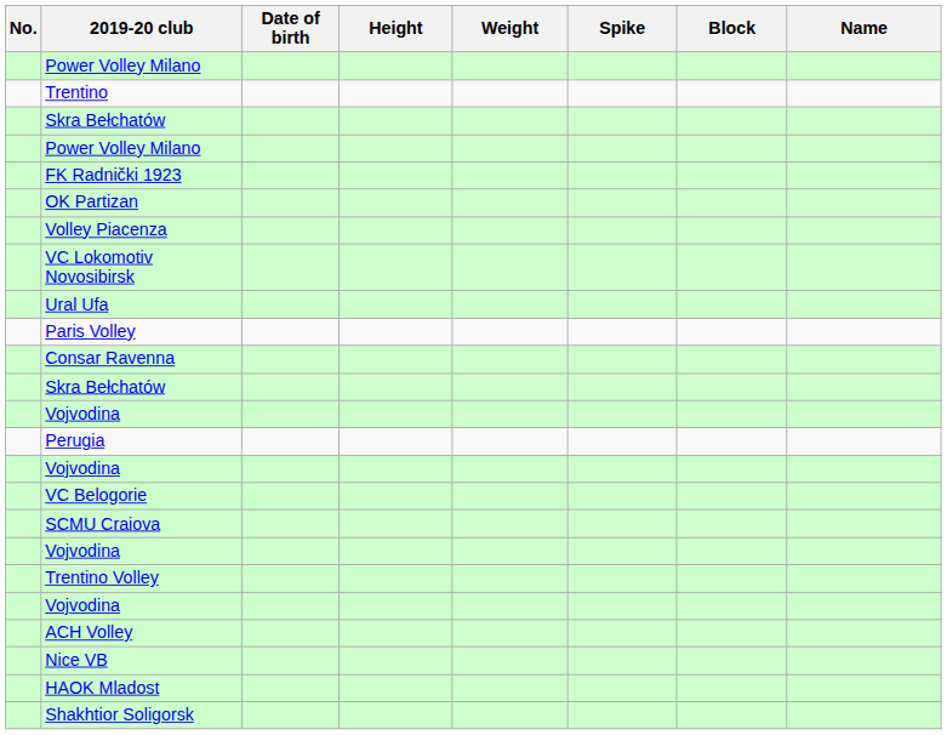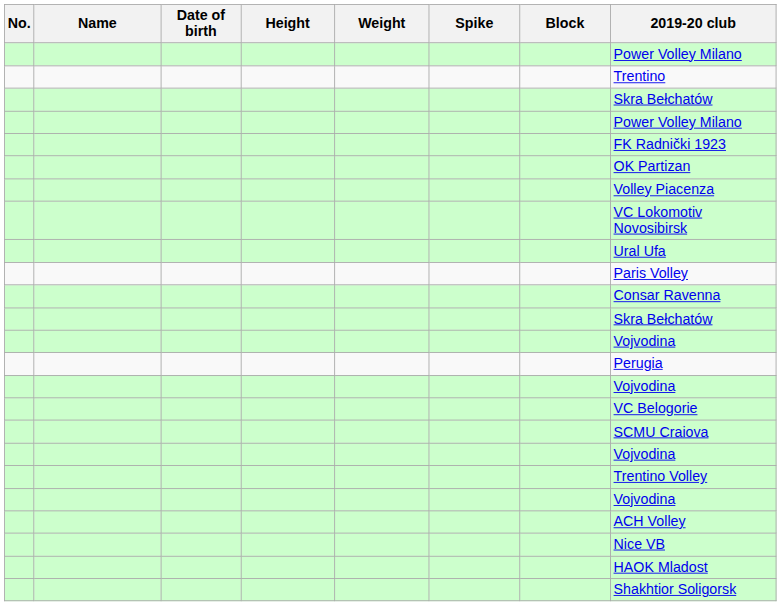 <table class="wikitable sortable" style="font-size:100%; text-align:center;">
 <tr>
 <th>No.</th>
-<th style="width:17em">2019-20 club</th>
+<th style="width:14em">Name</th>
 <th style="width:8em">Date of birth</th>
 <th style="width:9em">Height</th>
 <th style="width:9em">Weight</th>
 <th style="width:9em">Spike</th>
 <th style="width:9em">Block</th>
-<th style="width:14em">Name</th>
+<th style="width:17em">2019-20 club</th>
 </tr>
 <tr bgcolor=#ccffcc>
 <td></td>
-<td align=left> <a href='#'>Power Volley Milano</a></td>
+<td align=left></td>
 <td align=right></td>
 <td></td>
 <td></td>
 <td></td>
 <td></td>
-<td align=left></td>
+<td align=left> <a href='#'>Power Volley Milano</a></td>
 </tr>
 <tr>
 <td></td>
-<td align=left> <a href='#'>Trentino</a></td>
+<td align=left></td>
 <td align=right></td>
 <td></td>
 <td></td>
 <td></td>
 <td></td>
-<td align=left></td>
+<td align=left> <a href='#'>Trentino</a></td>
 </tr>
 <tr bgcolor=#ccffcc>
 <td></td>
-<td align=left> <a href='#'>Skra Bełchatów</a></td>
+<td align=left></td>
 <td align=right></td>
 <td></td>
 <td></td>
 <td></td>
 <td></td>
-<td align=left></td>
+<td align=left> <a href='#'>Skra Bełchatów</a></td>
 </tr>
 <tr bgcolor=#ccffcc>
 <td></td>
-<td align=left> <a href='#'>Power Volley Milano</a></td>
+<td align=left></td>
 <td align=right></td>
 <td></td>
 <td></td>
 <td></td>
 <td></td>
-<td align=left></td>
+<td align=left> <a href='#'>Power Volley Milano</a></td>
 </tr>
 <tr bgcolor=#ccffcc>
 <td></td>
-<td align=left> <a href='#'>FK Radnički 1923</a></td>
+<td align=left></td>
 <td align=right></td>
 <td></td>
 <td></td>
 <td></td>
 <td></td>
-<td align=left></td>
+<td align=left> <a href='#'>FK Radnički 1923</a></td>
 </tr>
 <tr bgcolor=#ccffcc>
 <td></td>
-<td align=left> <a href='#'>OK Partizan</a></td>
+<td align=left></td>
 <td align=right></td>
 <td></td>
 <td></td>
 <td></td>
 <td></td>
-<td align=left></td>
+<td align=left> <a href='#'>OK Partizan</a></td>
 </tr>
 <tr bgcolor=#ccffcc>
 <td></td>
-<td align=left> <a href='#'>Volley Piacenza</a></td>
+<td align=left></td>
 <td align=right></td>
 <td></td>
 <td></td>
 <td></td>
 <td></td>
-<td align=left></td>
+<td align=left> <a href='#'>Volley Piacenza</a></td>
 </tr>
 <tr bgcolor=#ccffcc>
 <td></td>
-<td align=left> <a href='#'>VC Lokomotiv Novosibirsk</a></td>
+<td align=left></td>
 <td align=right></td>
 <td></td>
 <td></td>
 <td></td>
 <td></td>
-<td align=left></td>
+<td align=left> <a href='#'>VC Lokomotiv Novosibirsk</a></td>
 </tr>
 <tr bgcolor=#ccffcc>
 <td></td>
-<td align=left> <a href='#'>Ural Ufa</a></td>
+<td align=left></td>
 <td align=right></td>
 <td></td>
 <td></td>
 <td></td>
 <td></td>
-<td align=left></td>
+<td align=left> <a href='#'>Ural Ufa</a></td>
 </tr>
 <tr>
 <td></td>
-<td align=left> <a href='#'>Paris Volley</a></td>
+<td align=left></td>
 <td align=right></td>
 <td></td>
 <td></td>
 <td></td>
 <td></td>
-<td align=left></td>
+<td align=left> <a href='#'>Paris Volley</a></td>
 </tr>
 <tr bgcolor=#ccffcc>
 <td></td>
-<td align=left> <a href='#'>Consar Ravenna</a></td>
+<td align=left></td>
 <td align=right></td>
 <td></td>
 <td></td>
 <td></td>
 <td></td>
-<td align=left></td>
+<td align=left> <a href='#'>Consar Ravenna</a></td>
 </tr>
 <tr bgcolor=#ccffcc>
 <td></td>
-<td align=left> <a href='#'>Skra Bełchatów</a></td>
+<td align=left></td>
 <td align=right></td>
 <td></td>
 <td></td>
 <td></td>
 <td></td>
-<td align=left></td>
+<td align=left> <a href='#'>Skra Bełchatów</a></td>
 </tr>
 <tr bgcolor=#ccffcc>
 <td></td>
-<td align=left> <a href='#'>Vojvodina</a></td>
+<td align=left></td>
 <td align=right></td>
 <td></td>
 <td></td>
 <td></td>
 <td></td>
-<td align=left></td>
+<td align=left> <a href='#'>Vojvodina</a></td>
 </tr>
 <tr>
 <td></td>
-<td align=left> <a href='#'>Perugia</a></td>
+<td align=left></td>
 <td align=right></td>
 <td></td>
 <td></td>
 <td></td>
 <td></td>
-<td align=left></td>
+<td align=left> <a href='#'>Perugia</a></td>
 </tr>
 <tr bgcolor=#ccffcc>
 <td></td>
-<td align=left> <a href='#'>Vojvodina</a></td>
+<td align=left></td>
 <td align=right></td>
 <td></td>
 <td></td>
 <td></td>
 <td></td>
-<td align=left></td>
+<td align=left> <a href='#'>Vojvodina</a></td>
 </tr>
 <tr bgcolor=#ccffcc>
 <td></td>
-<td align=left> <a href='#'>VC Belogorie</a></td>
+<td align=left></td>
 <td align=right></td>
 <td></td>
 <td></td>
 <td></td>
 <td></td>
-<td align=left></td>
+<td align=left> <a href='#'>VC Belogorie</a></td>
 </tr>
 <tr bgcolor=#ccffcc>
 <td></td>
-<td align=left> <a href='#'>SCMU Craiova</a></td>
+<td align=left></td>
 <td align=right></td>
 <td></td>
 <td></td>
 <td></td>
 <td></td>
-<td align=left></td>
+<td align=left> <a href='#'>SCMU Craiova</a></td>
 </tr>
 <tr bgcolor=#ccffcc>
 <td></td>
-<td align=left> <a href='#'>Vojvodina</a></td>
+<td align=left></td>
 <td align=right></td>
 <td></td>
 <td></td>
 <td></td>
 <td></td>
-<td align=left></td>
+<td align=left> <a href='#'>Vojvodina</a></td>
 </tr>
 <tr bgcolor=#ccffcc>
 <td></td>
-<td align=left> <a href='#'>Trentino Volley</a></td>
+<td align=left></td>
 <td align=right></td>
 <td></td>
 <td></td>
 <td></td>
 <td></td>
-<td align=left></td>
+<td align=left> <a href='#'>Trentino Volley</a></td>
 </tr>
 <tr bgcolor=#ccffcc>
 <td></td>
-<td align=left> <a href='#'>Vojvodina</a></td>
+<td align=left></td>
 <td align=right></td>
 <td></td>
 <td></td>
 <td></td>
 <td></td>
-<td align=left></td>
+<td align=left> <a href='#'>Vojvodina</a></td>
 </tr>
 <tr bgcolor=#ccffcc>
 <td></td>
-<td align=left> <a href='#'>ACH Volley</a></td>
+<td align=left></td>
 <td align=right></td>
 <td></td>
 <td></td>
 <td></td>
 <td></td>
-<td align=left></td>
+<td align=left> <a href='#'>ACH Volley</a></td>
 </tr>
 <tr bgcolor=#ccffcc>
 <td></td>
-<td align=left> <a href='#'>Nice VB</a></td>
+<td align=left></td>
 <td align=right></td>
 <td></td>
 <td></td>
 <td></td>
 <td></td>
-<td align=left></td>
+<td align=left> <a href='#'>Nice VB</a></td>
 </tr>
 <tr bgcolor=#ccffcc>
 <td></td>
-<td align=left> <a href='#'>HAOK Mladost</a></td>
+<td align=left></td>
 <td align=right></td>
 <td></td>
 <td></td>
 <td></td>
 <td></td>
-<td align=left></td>
+<td align=left> <a href='#'>HAOK Mladost</a></td>
 </tr>
 <tr bgcolor=#ccffcc>
 <td></td>
-<td align=left> <a href='#'>Shakhtior Soligorsk</a></td>
+<td align=left></td>
 <td align=right></td>
 <td></td>
 <td></td>
 <td></td>
 <td></td>
-<td align=left></td>
+<td align=left> <a href='#'>Shakhtior Soligorsk</a></td>
 </tr>
 </table>
